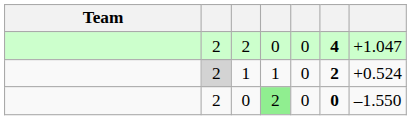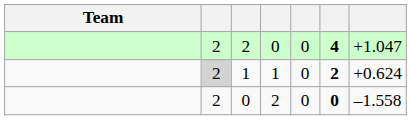 <table class="wikitable" style="text-align:center;">
 <tr>
 <th width=175>Team</th>
 <th style="width:20px;"></th>
 <th style="width:20px;"></th>
 <th style="width:20px;"></th>
 <th style="width:20px;"></th>
 <th style="width:20px;"></th>
 <th style="width:20px;"></th>
 </tr>
 <tr style="background:#cfc">
 <td align=left></td>
 <td>2</td>
 <td>2</td>
 <td>0</td>
 <td>0</td>
 <td><strong>4</strong></td>
 <td>+1.047</td>
 </tr>
 <tr>
 <td align=left></td>
 <td style="background: lightgrey;">2</td>
 <td>1</td>
 <td>1</td>
 <td>0</td>
 <td><strong>2</strong></td>
-<td>+0.524</td>
+<td>+0.624</td>
 </tr>
 <tr>
 <td align=left></td>
 <td>2</td>
 <td>0</td>
-<td style="background: lightgreen;">2</td>
+<td>2</td>
 <td>0</td>
 <td><strong>0</strong></td>
-<td>–1.550</td>
+<td>–1.558</td>
 </tr>
 </table>
